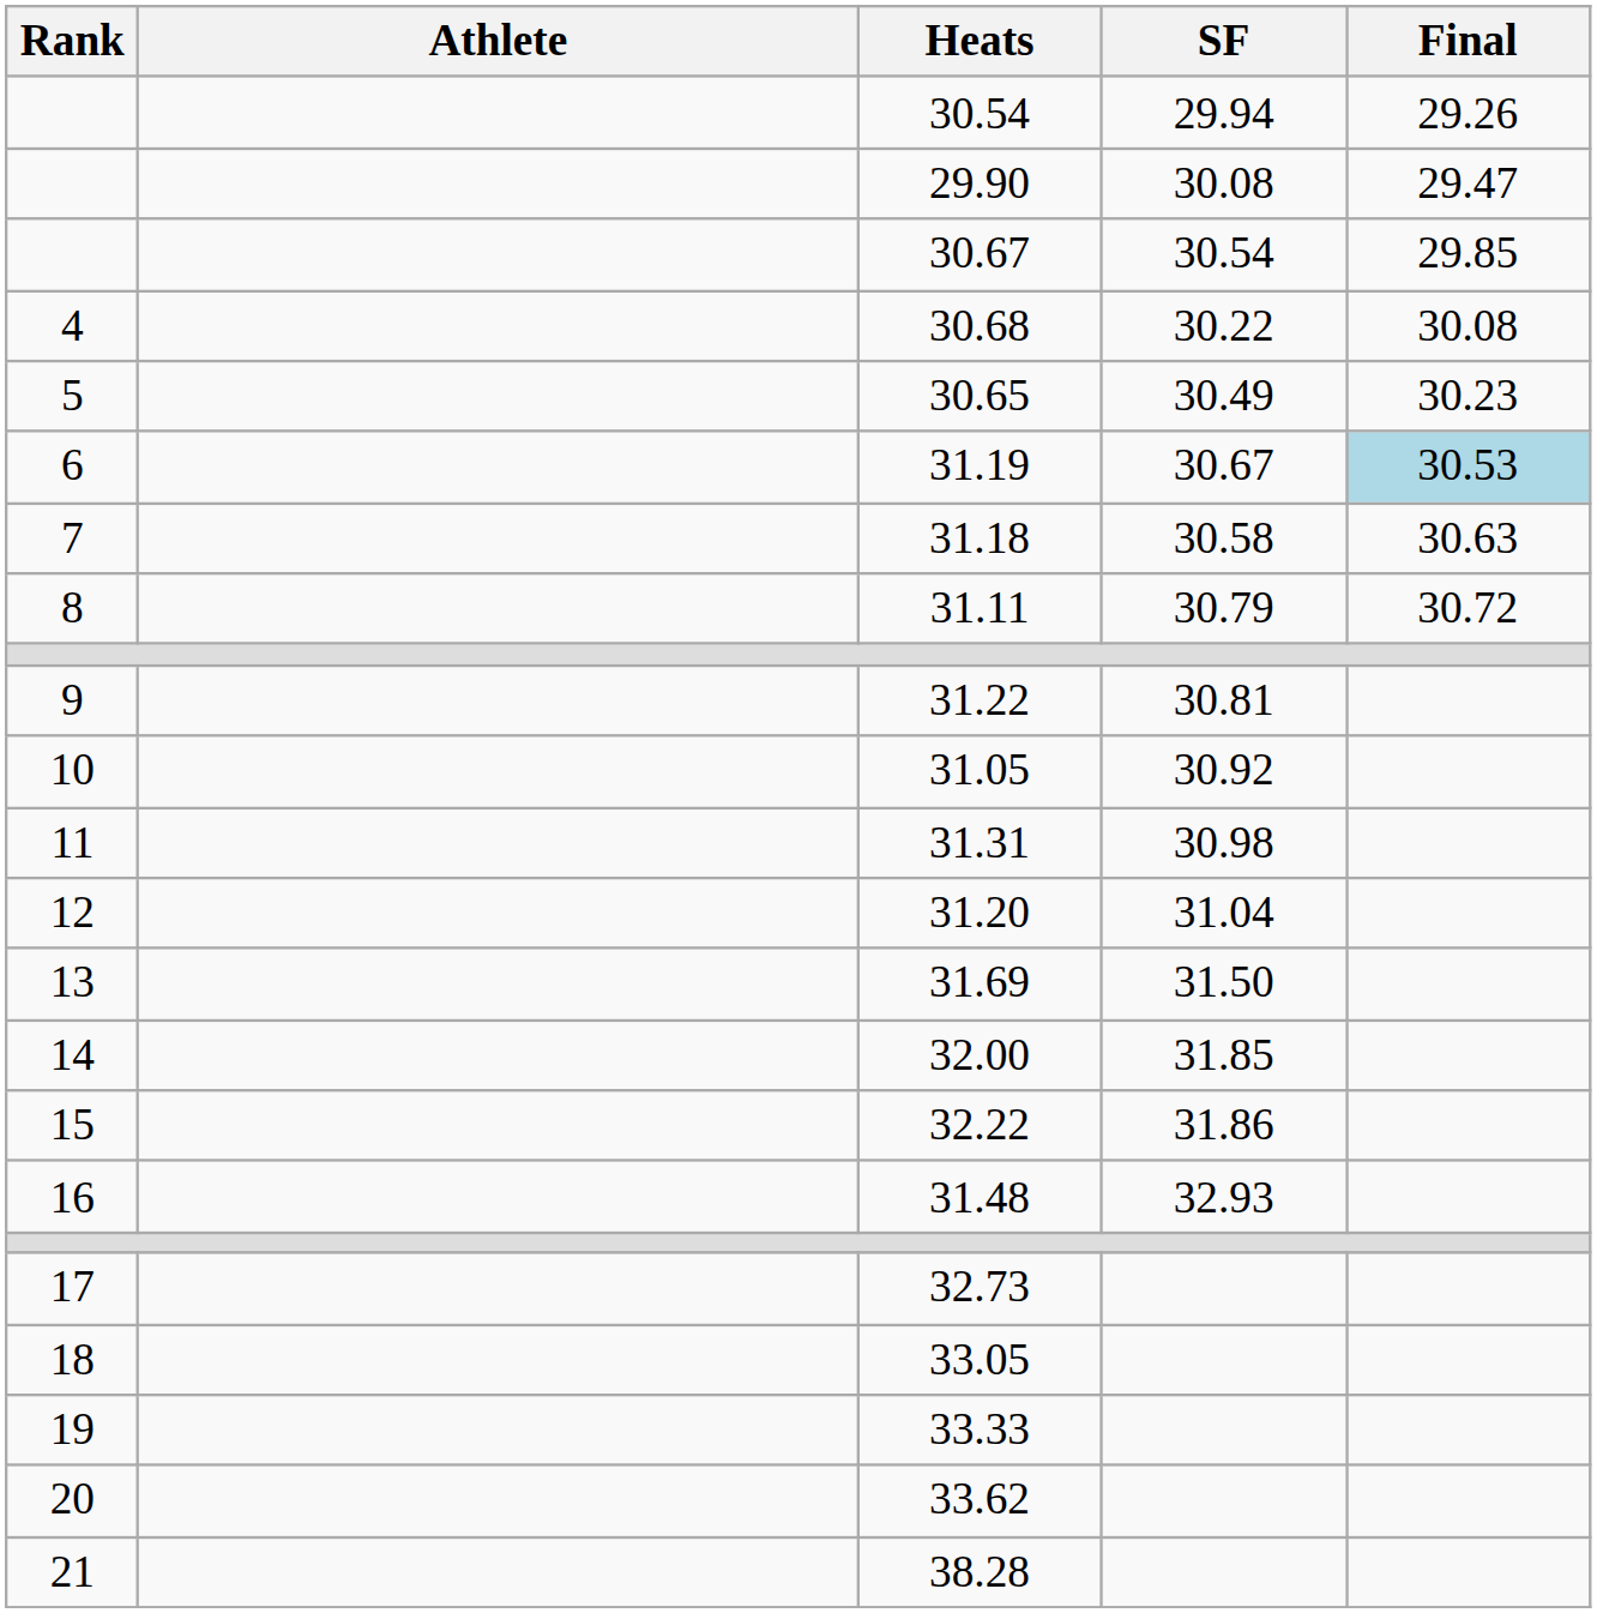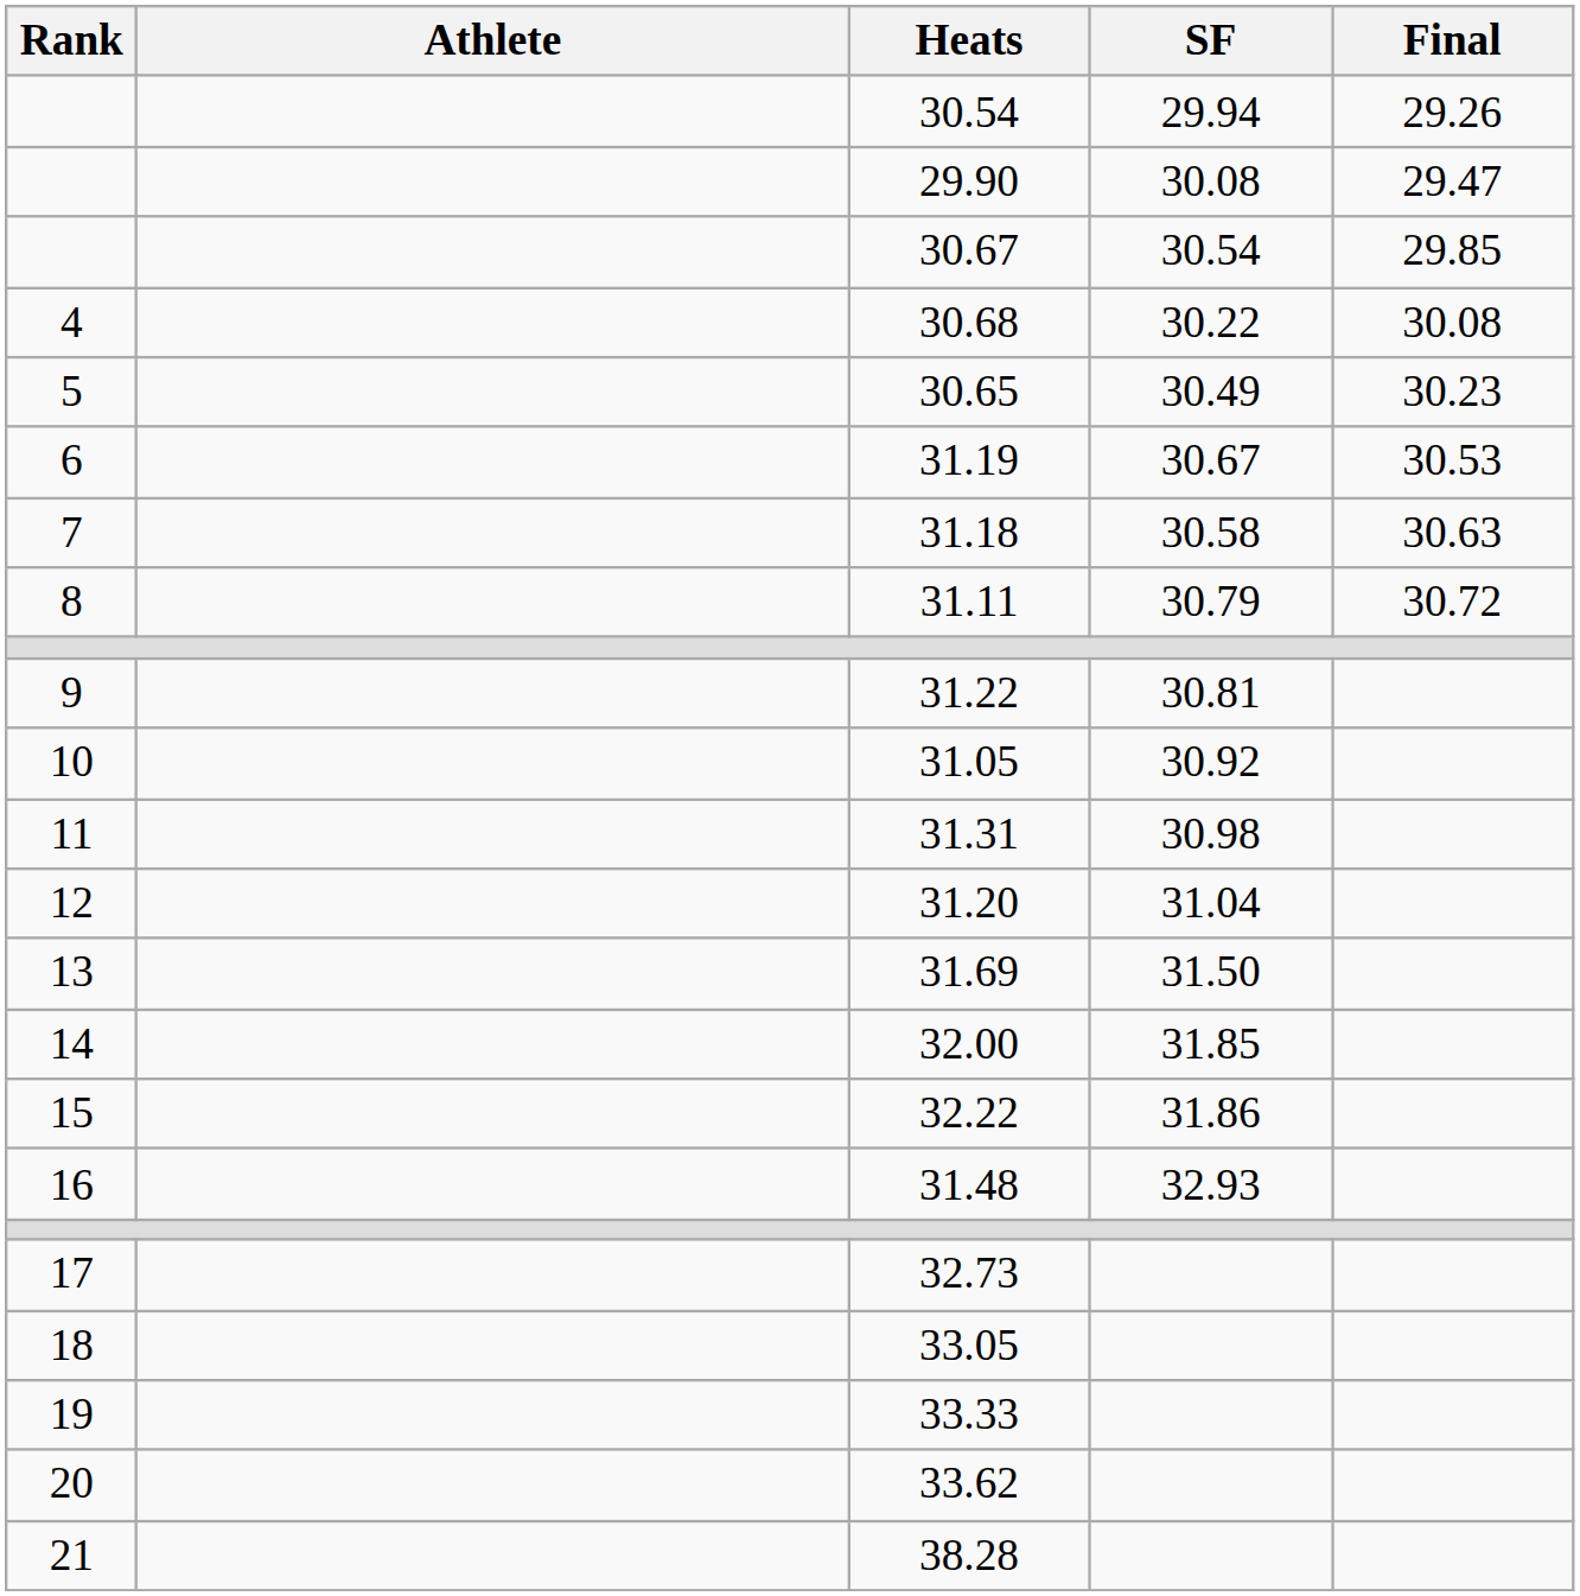 <table class=wikitable style="text-align:center">
 <tr>
 <th width=40>Rank</th>
 <th width=250>Athlete</th>
 <th width=80>Heats</th>
 <th width=80>SF</th>
 <th width=80>Final</th>
 </tr>
 <tr>
 <td></td>
 <td align=left></td>
 <td>30.54</td>
 <td>29.94</td>
 <td>29.26</td>
 </tr>
 <tr>
 <td></td>
 <td align=left></td>
 <td>29.90</td>
 <td>30.08</td>
 <td>29.47</td>
 </tr>
 <tr>
 <td></td>
 <td align=left></td>
 <td>30.67</td>
 <td>30.54</td>
 <td>29.85</td>
 </tr>
 <tr>
 <td>4</td>
 <td align=left></td>
 <td>30.68</td>
 <td>30.22</td>
 <td>30.08</td>
 </tr>
 <tr>
 <td>5</td>
 <td align=left></td>
 <td>30.65</td>
 <td>30.49</td>
 <td>30.23</td>
 </tr>
 <tr>
 <td>6</td>
 <td align=left></td>
 <td>31.19</td>
 <td>30.67</td>
-<td style="background: lightblue;">30.53</td>
+<td>30.53</td>
 </tr>
 <tr>
 <td>7</td>
 <td align=left></td>
 <td>31.18</td>
 <td>30.58</td>
 <td>30.63</td>
 </tr>
 <tr>
 <td>8</td>
 <td align=left></td>
 <td>31.11</td>
 <td>30.79</td>
 <td>30.72</td>
 </tr>
 <tr bgcolor=#DDDDDD>
 <td colspan=5></td>
 </tr>
 <tr>
 <td>9</td>
 <td align=left></td>
 <td>31.22</td>
 <td>30.81</td>
 <td></td>
 </tr>
 <tr>
 <td>10</td>
 <td align=left></td>
 <td>31.05</td>
 <td>30.92</td>
 <td></td>
 </tr>
 <tr>
 <td>11</td>
 <td align=left></td>
 <td>31.31</td>
 <td>30.98</td>
 <td></td>
 </tr>
 <tr>
 <td>12</td>
 <td align=left></td>
 <td>31.20</td>
 <td>31.04</td>
 <td></td>
 </tr>
 <tr>
 <td>13</td>
 <td align=left></td>
 <td>31.69</td>
 <td>31.50</td>
 <td></td>
 </tr>
 <tr>
 <td>14</td>
 <td align=left></td>
 <td>32.00</td>
 <td>31.85</td>
 <td></td>
 </tr>
 <tr>
 <td>15</td>
 <td align=left></td>
 <td>32.22</td>
 <td>31.86</td>
 <td></td>
 </tr>
 <tr>
 <td>16</td>
 <td align=left></td>
 <td>31.48</td>
 <td>32.93</td>
 <td></td>
 </tr>
 <tr bgcolor=#DDDDDD>
 <td colspan=5></td>
 </tr>
 <tr>
 <td>17</td>
 <td align=left></td>
 <td>32.73</td>
 <td></td>
 <td></td>
 </tr>
 <tr>
 <td>18</td>
 <td align=left></td>
 <td>33.05</td>
 <td></td>
 <td></td>
 </tr>
 <tr>
 <td>19</td>
 <td align=left></td>
 <td>33.33</td>
 <td></td>
 <td></td>
 </tr>
 <tr>
 <td>20</td>
 <td align=left></td>
 <td>33.62</td>
 <td></td>
 <td></td>
 </tr>
 <tr>
 <td>21</td>
 <td align=left></td>
 <td>38.28</td>
 <td></td>
 <td></td>
 </tr>
 </table>
